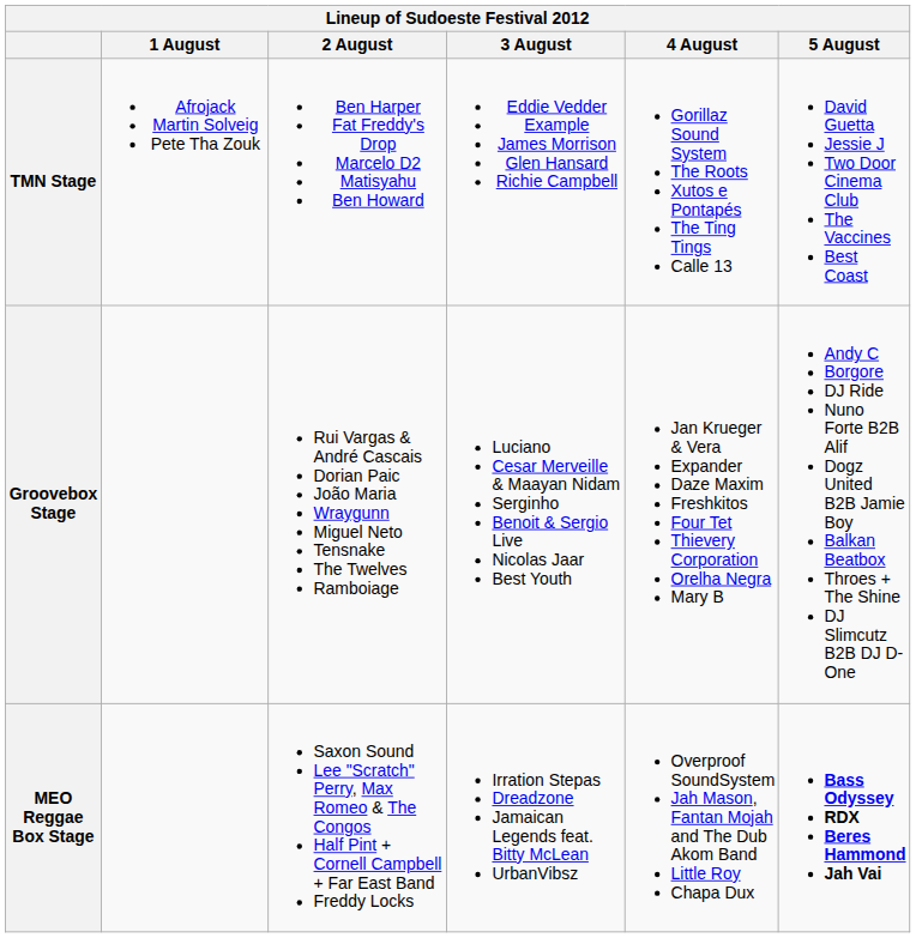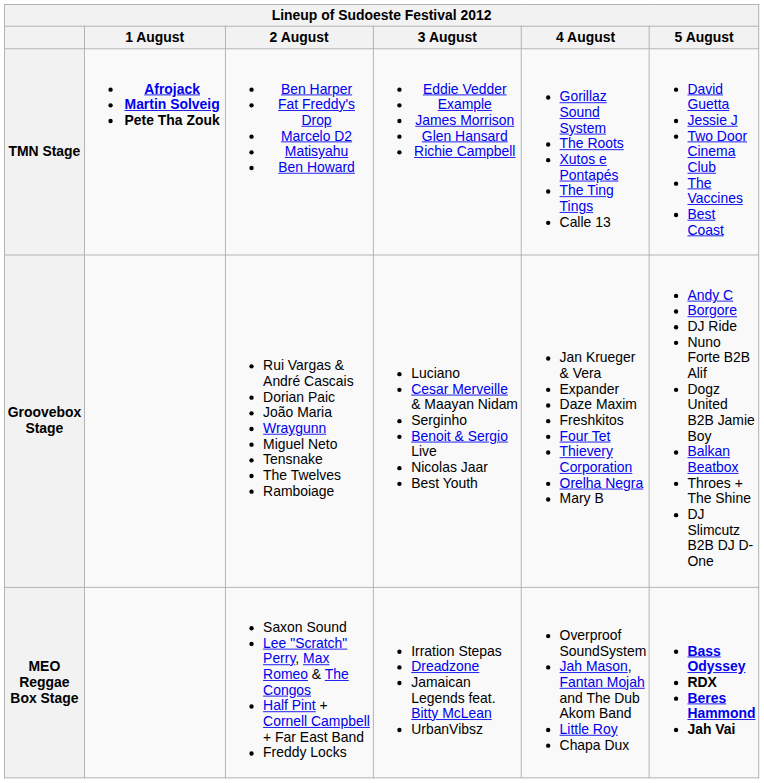 <table class="wikitable mw-collapsible">
 <tr>
 <th colspan="6">Lineup of Sudoeste Festival 2012</th>
 </tr>
 <tr>
 <th></th>
 <th>1 August</th>
 <th>2 August</th>
 <th>3 August</th>
 <th>4 August</th>
 <th>5 August</th>
 </tr>
 <tr>
 <th><strong>TMN Stage</strong></th>
-<td width="200" align="center" valign="top"><br><ul><li><a href='#'>Afrojack</a></li><li><a href='#'>Martin Solveig</a></li><li>Pete Tha Zouk</li></ul></td>
+<td width="200" align="center" valign="top"><strong><br><ul><li><a href='#'>Afrojack</a></li><li><a href='#'>Martin Solveig</a></li><li>Pete Tha Zouk</li></ul></strong></td>
 <td width="200" align="center" valign="top"><br><ul><li><a href='#'>Ben Harper</a></li><li><a href='#'>Fat Freddy's Drop</a></li><li><a href='#'>Marcelo D2</a></li><li><a href='#'>Matisyahu</a></li><li><a href='#'>Ben Howard</a></li></ul></td>
 <td width="200" align="center" valign="top"><br><ul><li><a href='#'>Eddie Vedder</a></li><li><a href='#'>Example</a></li><li><a href='#'>James Morrison</a></li><li><a href='#'>Glen Hansard</a></li><li><a href='#'>Richie Campbell</a></li></ul></td>
 <td><br><ul><li><a href='#'>Gorillaz Sound System</a></li><li><a href='#'>The Roots</a></li><li><a href='#'>Xutos e Pontapés</a></li><li><a href='#'>The Ting Tings</a></li><li>Calle 13</li></ul></td>
 <td><br><ul><li><a href='#'>David Guetta</a></li><li><a href='#'>Jessie J</a></li><li><a href='#'>Two Door Cinema Club</a></li><li><a href='#'>The Vaccines</a></li><li><a href='#'>Best Coast</a></li></ul></td>
 </tr>
 <tr>
 <th>Groovebox Stage</th>
 <td></td>
 <td><br><ul><li>Rui Vargas & André Cascais</li><li>Dorian Paic</li><li>João Maria</li><li><a href='#'>Wraygunn</a></li><li>Miguel Neto</li><li>Tensnake</li><li>The Twelves</li><li>Ramboiage</li></ul></td>
 <td><br><ul><li>Luciano</li><li><a href='#'>Cesar Merveille</a> & Maayan Nidam</li><li>Serginho</li><li><a href='#'>Benoit & Sergio</a> Live</li><li>Nicolas Jaar</li><li>Best Youth</li></ul></td>
 <td><br><ul><li>Jan Krueger & Vera</li><li>Expander</li><li>Daze Maxim</li><li>Freshkitos</li><li><a href='#'>Four Tet</a></li><li><a href='#'>Thievery Corporation</a></li><li><a href='#'>Orelha Negra</a></li><li>Mary B</li></ul></td>
 <td><br><ul><li><a href='#'>Andy C</a></li><li><a href='#'>Borgore</a></li><li>DJ Ride</li><li>Nuno Forte B2B Alif</li><li>Dogz United B2B Jamie Boy</li><li><a href='#'>Balkan Beatbox</a></li><li>Throes + The Shine</li><li>DJ Slimcutz B2B DJ D-One</li></ul></td>
 </tr>
 <tr>
 <th><strong>MEO Reggae Box Stage</strong></th>
 <td></td>
 <td><br><ul><li>Saxon Sound</li><li><a href='#'>Lee "Scratch" Perry</a>, <a href='#'>Max Romeo</a> & <a href='#'>The Congos</a></li><li><a href='#'>Half Pint</a> + <a href='#'>Cornell Campbell</a> + Far East Band</li><li>Freddy Locks</li></ul></td>
 <td><br><ul><li>Irration Stepas</li><li><a href='#'>Dreadzone</a></li><li>Jamaican Legends feat. <a href='#'>Bitty McLean</a></li><li>UrbanVibsz</li></ul></td>
 <td><br><ul><li>Overproof SoundSystem</li><li><a href='#'>Jah Mason</a>, <a href='#'>Fantan Mojah</a> and The Dub Akom Band</li><li><a href='#'>Little Roy</a></li><li>Chapa Dux</li></ul></td>
 <td><strong><br><ul><li><a href='#'>Bass Odyssey</a></li><li>RDX</li><li><a href='#'>Beres Hammond</a></li><li>Jah Vai</li></ul></strong></td>
 </tr>
 </table>
